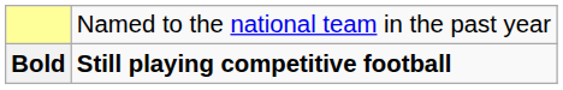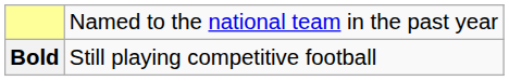 <table class="wikitable">
 <tr>
 <td style="background-color:#FFFF99"></td>
 <td>Named to the <a href='#'>national team</a> in the past year</td>
 </tr>
 <tr>
 <th><strong>Bold</strong></th>
-<td><strong>Still playing competitive football</strong></td>
+<td>Still playing competitive football</td>
 </tr>
 </table>
